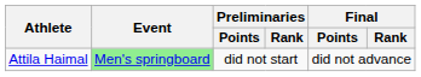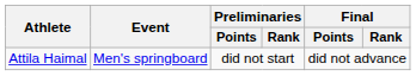 <table class=wikitable style="font-size:90%;">
 <tr>
 <th rowspan="2">Athlete</th>
 <th rowspan="2">Event</th>
 <th colspan="2">Preliminaries</th>
 <th colspan="2">Final</th>
 </tr>
 <tr style="font-size:95%">
 <th>Points</th>
 <th>Rank</th>
 <th>Points</th>
 <th>Rank</th>
 </tr>
 <tr align=center>
 <td align=left><a href='#'>Attila Haimal</a></td>
-<td align=left style="background: lightgreen;"><a href='#'>Men's springboard</a></td>
+<td align=left><a href='#'>Men's springboard</a></td>
 <td colspan=2>did not start</td>
 <td colspan=2>did not advance</td>
 </tr>
 </table>
